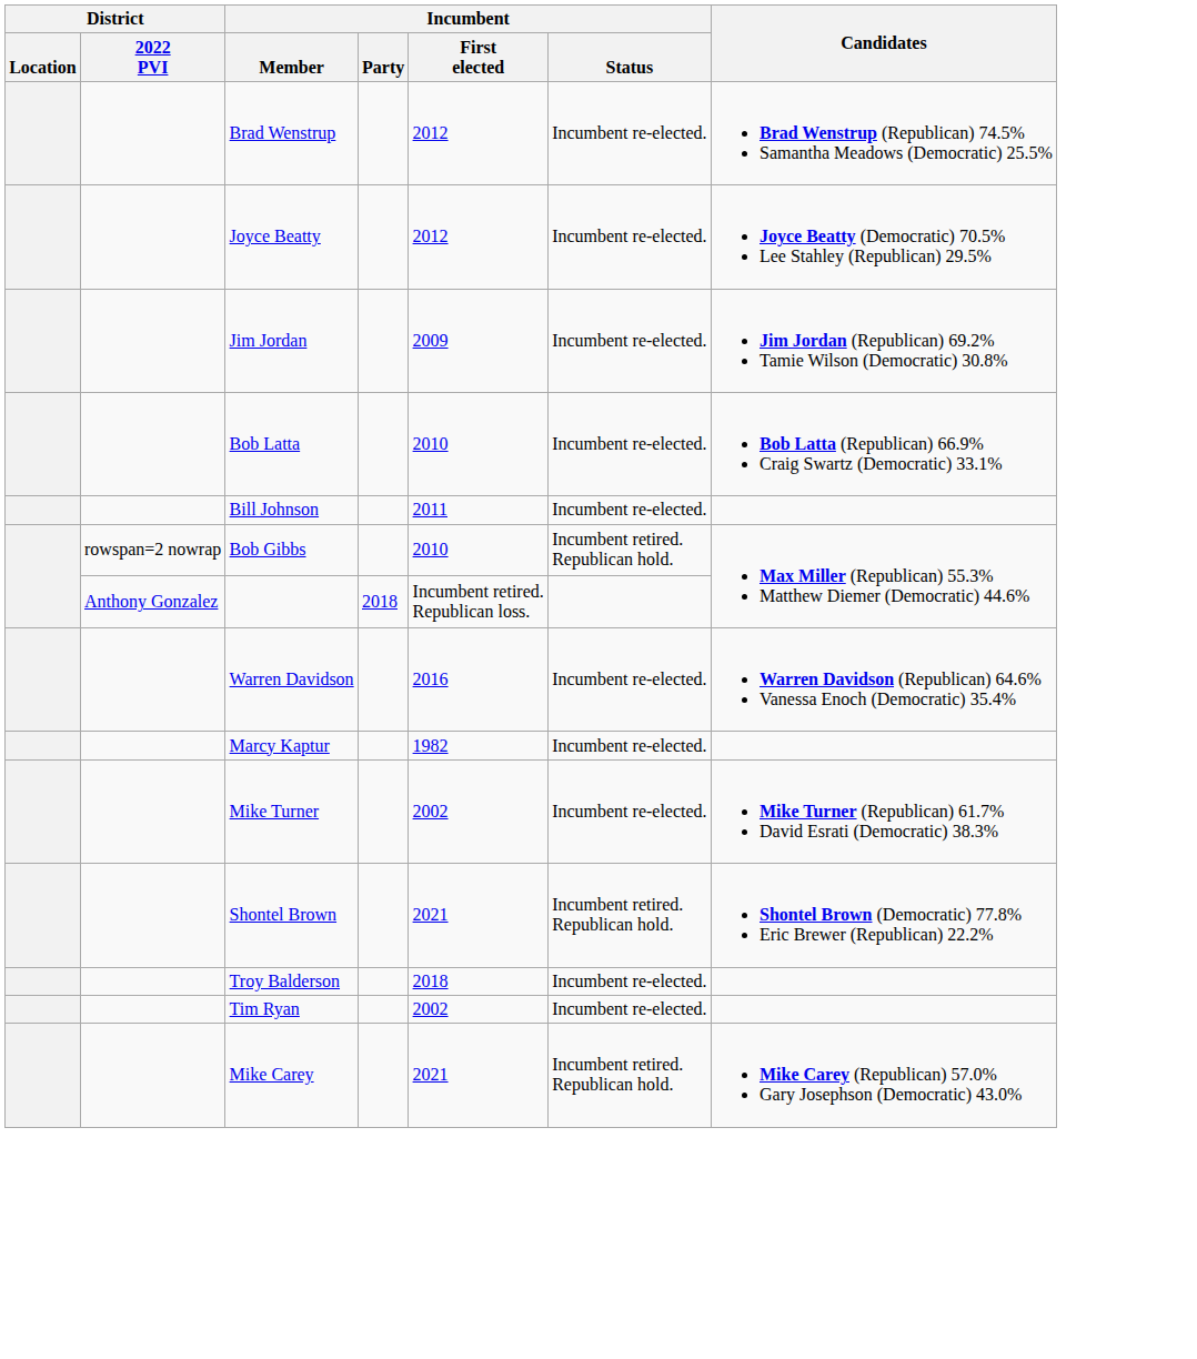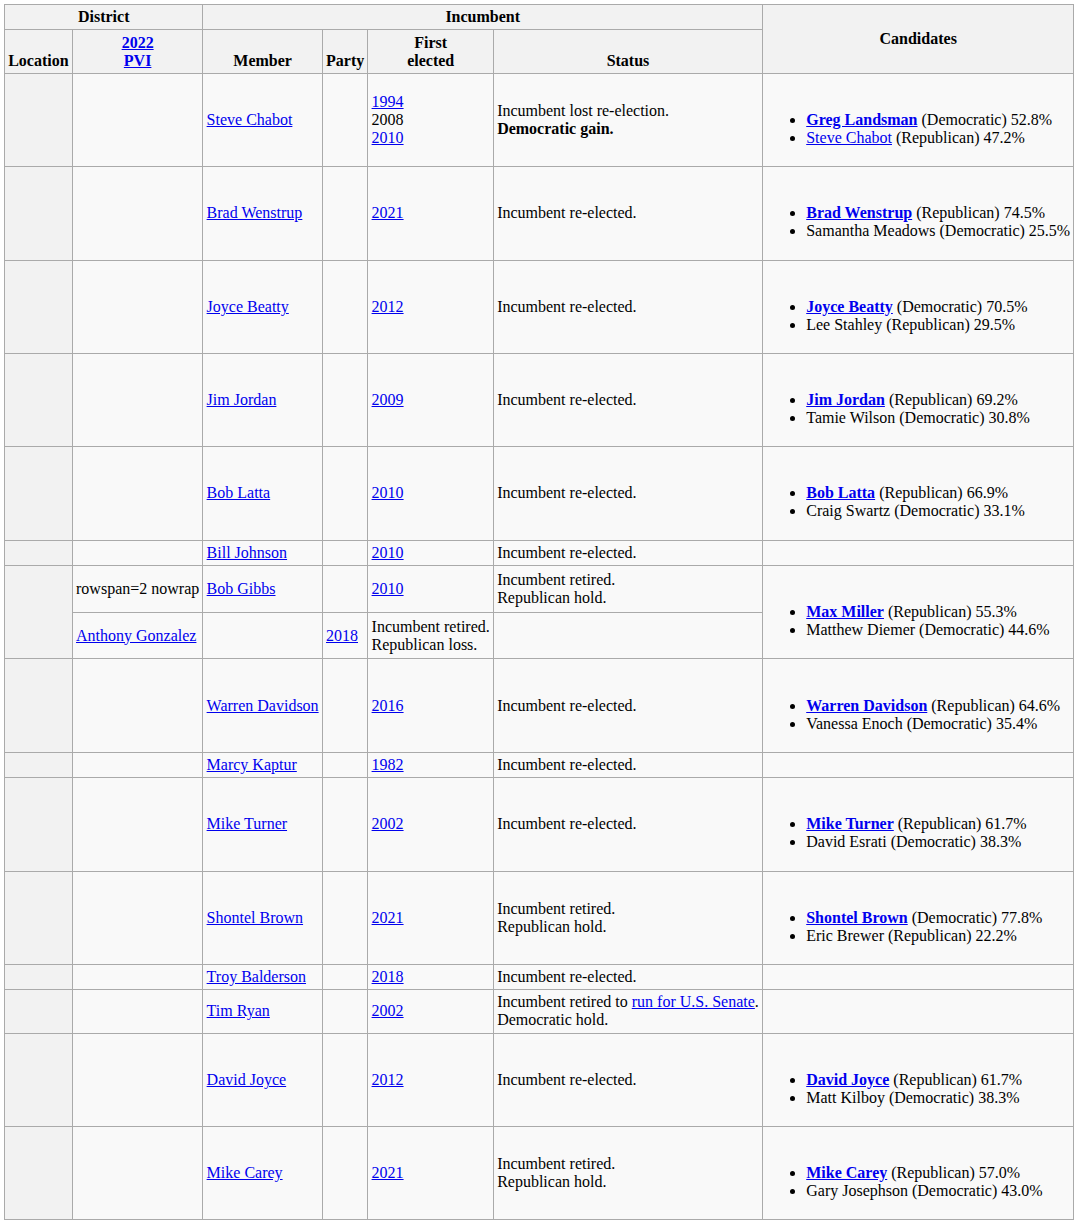 <table class="wikitable sortable">
 <tr>
 <th colspan=2>District</th>
 <th colspan=4>Incumbent</th>
 <th rowspan=2 class="unsortable">Candidates</th>
 </tr>
 <tr valign=bottom>
 <th>Location</th>
 <th><a href='#'>2022<br>PVI</a></th>
 <th>Member</th>
 <th>Party</th>
 <th>First<br>elected</th>
 <th>Status</th>
 </tr>
 <tr>
 <th></th>
 <td></td>
+<td><a href='#'>Steve Chabot</a></td>
+<td></td>
+<td><a href='#'>1994</a><br>2008 <br><a href='#'>2010</a></td>
+<td>Incumbent lost re-election.<br><strong>Democratic gain.</strong></td>
+<td nowrap><br><ul><li> <strong><a href='#'>Greg Landsman</a></strong> (Democratic) 52.8%</li><li><a href='#'>Steve Chabot</a> (Republican) 47.2%</li></ul></td>
+</tr>
+<tr>
+<th></th>
+<td></td>
 <td><a href='#'>Brad Wenstrup</a></td>
 <td></td>
-<td><a href='#'>2012</a></td>
+<td><a href='#'>2021</a></td>
 <td>Incumbent re-elected.</td>
 <td nowrap><br><ul><li> <strong><a href='#'>Brad Wenstrup</a></strong> (Republican) 74.5%</li><li>Samantha Meadows (Democratic) 25.5%</li></ul></td>
 </tr>
 <tr>
 <th></th>
 <td></td>
 <td><a href='#'>Joyce Beatty</a></td>
 <td></td>
 <td><a href='#'>2012</a></td>
 <td>Incumbent re-elected.</td>
 <td nowrap><br><ul><li> <strong><a href='#'>Joyce Beatty</a></strong> (Democratic) 70.5%</li><li>Lee Stahley (Republican) 29.5%</li></ul></td>
 </tr>
 <tr>
 <th></th>
 <td></td>
 <td><a href='#'>Jim Jordan</a></td>
 <td></td>
 <td><a href='#'>2009</a></td>
 <td>Incumbent re-elected.</td>
 <td nowrap><br><ul><li> <strong><a href='#'>Jim Jordan</a></strong> (Republican) 69.2%</li><li>Tamie Wilson (Democratic) 30.8%</li></ul></td>
 </tr>
 <tr>
 <th></th>
 <td></td>
 <td><a href='#'>Bob Latta</a></td>
 <td></td>
 <td><a href='#'>2010 </a></td>
 <td>Incumbent re-elected.</td>
 <td nowrap><br><ul><li> <strong><a href='#'>Bob Latta</a></strong> (Republican) 66.9%</li><li>Craig Swartz (Democratic) 33.1%</li></ul></td>
 </tr>
 <tr>
 <th></th>
 <td></td>
 <td><a href='#'>Bill Johnson</a></td>
 <td></td>
-<td><a href='#'>2011</a></td>
+<td><a href='#'>2010</a></td>
 <td>Incumbent re-elected.</td>
 <td nowrap></td>
 </tr>
 <tr>
 <th rowspan=2 nowrap></th>
 <td>rowspan=2 nowrap </td>
 <td><a href='#'>Bob Gibbs</a></td>
 <td></td>
 <td><a href='#'>2010</a></td>
 <td>Incumbent retired.<br>Republican hold.</td>
 <td rowspan=2 nowrap><br><ul><li> <strong><a href='#'>Max Miller</a></strong> (Republican) 55.3%</li><li>Matthew Diemer (Democratic) 44.6%</li></ul></td>
 </tr>
 <tr>
 <td><a href='#'>Anthony Gonzalez</a> <br></td>
 <td></td>
 <td><a href='#'>2018</a></td>
 <td>Incumbent retired.<br>Republican loss.</td>
 </tr>
 <tr>
 <th></th>
 <td></td>
 <td><a href='#'>Warren Davidson</a></td>
 <td></td>
 <td><a href='#'>2016 </a></td>
 <td>Incumbent re-elected.</td>
 <td nowrap><br><ul><li> <strong><a href='#'>Warren Davidson</a></strong> (Republican) 64.6%</li><li>Vanessa Enoch (Democratic) 35.4%</li></ul></td>
 </tr>
 <tr>
 <th></th>
 <td></td>
 <td><a href='#'>Marcy Kaptur</a></td>
 <td></td>
 <td><a href='#'>1982</a></td>
 <td>Incumbent re-elected.</td>
 <td nowrap></td>
 </tr>
 <tr>
 <th></th>
 <td></td>
 <td><a href='#'>Mike Turner</a></td>
 <td></td>
 <td><a href='#'>2002</a></td>
 <td>Incumbent re-elected.</td>
 <td nowrap><br><ul><li> <strong><a href='#'>Mike Turner</a></strong> (Republican) 61.7%</li><li>David Esrati (Democratic) 38.3%</li></ul></td>
 </tr>
 <tr>
 <th></th>
 <td></td>
 <td><a href='#'>Shontel Brown</a></td>
 <td></td>
 <td><a href='#'>2021 </a></td>
 <td>Incumbent retired.<br>Republican hold.</td>
 <td nowrap><br><ul><li> <strong><a href='#'>Shontel Brown</a></strong> (Democratic) 77.8%</li><li>Eric Brewer (Republican) 22.2%</li></ul></td>
 </tr>
 <tr>
 <th></th>
 <td></td>
 <td><a href='#'>Troy Balderson</a></td>
 <td></td>
 <td><a href='#'>2018 </a></td>
 <td>Incumbent re-elected.</td>
 <td nowrap></td>
 </tr>
 <tr>
 <th></th>
 <td></td>
 <td><a href='#'>Tim Ryan</a></td>
 <td></td>
 <td><a href='#'>2002</a></td>
+<td>Incumbent retired to <a href='#'>run for U.S. Senate</a>.<br>Democratic hold.</td>
+<td nowrap></td>
+</tr>
+<tr>
+<th></th>
+<td></td>
+<td><a href='#'>David Joyce</a></td>
+<td></td>
+<td><a href='#'>2012</a></td>
 <td>Incumbent re-elected.</td>
-<td nowrap></td>
+<td nowrap><br><ul><li> <strong><a href='#'>David Joyce</a></strong> (Republican) 61.7%</li><li>Matt Kilboy (Democratic) 38.3%</li></ul></td>
 </tr>
 <tr>
 <th></th>
 <td></td>
 <td><a href='#'>Mike Carey</a></td>
 <td></td>
 <td><a href='#'>2021 </a></td>
 <td>Incumbent retired.<br>Republican hold.</td>
 <td nowrap><br><ul><li> <strong><a href='#'>Mike Carey</a></strong> (Republican) 57.0%</li><li>Gary Josephson (Democratic) 43.0%</li></ul></td>
 </tr>
 </table>
